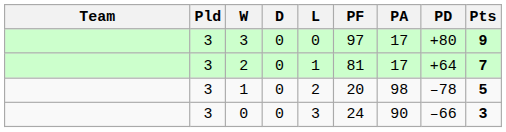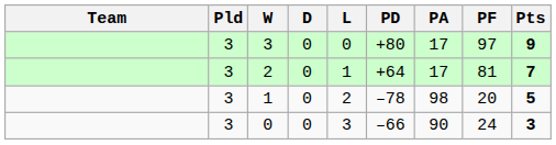 <table class="wikitable" style="text-align:center;">
 <tr>
 <th width=155>Team</th>
 <th width=25 abbr="Played">Pld</th>
 <th width=25 abbr="Won">W</th>
 <th width=25 abbr="Drawn">D</th>
 <th width=25 abbr="Lost">L</th>
+<th width=32 abbr="Points difference">PD</th>
+<th width=32 abbr="Points against">PA</th>
 <th width=32 abbr="Points for">PF</th>
-<th width=32 abbr="Points against">PA</th>
-<th width=32 abbr="Points difference">PD</th>
 <th width=25 abbr="Points">Pts</th>
 </tr>
 <tr style="background:#cfc;">
 <td align=left></td>
 <td>3</td>
 <td>3</td>
 <td>0</td>
 <td>0</td>
+<td>+80</td>
+<td>17</td>
 <td>97</td>
-<td>17</td>
-<td>+80</td>
 <td><strong>9</strong></td>
 </tr>
 <tr style="background:#cfc;">
 <td align=left></td>
 <td>3</td>
 <td>2</td>
 <td>0</td>
 <td>1</td>
+<td>+64</td>
+<td>17</td>
 <td>81</td>
-<td>17</td>
-<td>+64</td>
 <td><strong>7</strong></td>
 </tr>
 <tr>
 <td align=left></td>
 <td>3</td>
 <td>1</td>
 <td>0</td>
 <td>2</td>
+<td>–78</td>
+<td>98</td>
 <td>20</td>
-<td>98</td>
-<td>–78</td>
 <td><strong>5</strong></td>
 </tr>
 <tr>
 <td align=left></td>
 <td>3</td>
 <td>0</td>
 <td>0</td>
 <td>3</td>
+<td>–66</td>
+<td>90</td>
 <td>24</td>
-<td>90</td>
-<td>–66</td>
 <td><strong>3</strong></td>
 </tr>
 </table>
